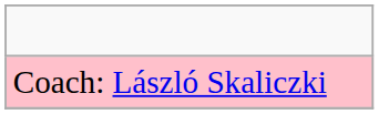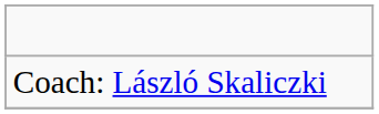 <table class="wikitable right" style="margin-left:1em;">
 <tr>
 <td><br>        </td>
 </tr>
 <tr>
-<td width="175" style="background: pink;">Coach:  <a href='#'>László Skaliczki</a></td>
+<td width="175">Coach:  <a href='#'>László Skaliczki</a></td>
 </tr>
 <tr>
 </tr>
 </table>
